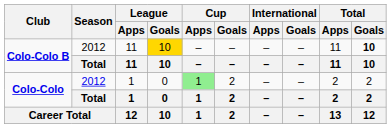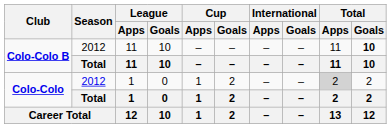 <table class="wikitable" style="font-size:90%; text-align: center;">
 <tr>
 <th rowspan="2">Club</th>
 <th rowspan="2">Season</th>
 <th colspan="2">League</th>
 <th colspan="2">Cup</th>
 <th colspan="2">International</th>
 <th colspan="2">Total</th>
 </tr>
 <tr>
 <th>Apps</th>
 <th>Goals</th>
 <th>Apps</th>
 <th>Goals</th>
 <th>Apps</th>
 <th>Goals</th>
 <th>Apps</th>
 <th>Goals</th>
 </tr>
 <tr>
 <td rowspan="2"><strong><a href='#'>Colo-Colo B</a></strong></td>
 <td>2012</td>
 <td>11</td>
-<td style="background: gold;">10</td>
+<td>10</td>
 <td>–</td>
 <td>–</td>
 <td>–</td>
 <td>–</td>
 <td>11</td>
 <td><strong>10</strong></td>
 </tr>
 <tr>
 <th>Total</th>
 <th>11</th>
 <th>10</th>
 <th>–</th>
 <th>–</th>
 <th>–</th>
 <th>–</th>
 <th>11</th>
 <th>10</th>
 </tr>
 <tr>
 <td rowspan="2"><strong><a href='#'>Colo-Colo</a></strong></td>
 <td><a href='#'>2012</a></td>
 <td>1</td>
 <td>0</td>
-<td style="background: lightgreen;">1</td>
+<td>1</td>
 <td>2</td>
 <td>–</td>
 <td>–</td>
-<td>2</td>
+<td style="background: lightgrey;">2</td>
 <td>2</td>
 </tr>
 <tr>
 <th>Total</th>
 <th>1</th>
 <th>0</th>
 <th>1</th>
 <th>2</th>
 <th>–</th>
 <th>–</th>
 <th>2</th>
 <th>2</th>
 </tr>
 <tr>
 <th colspan=2>Career Total</th>
 <th>12</th>
 <th>10</th>
 <th>1</th>
 <th>2</th>
 <th>–</th>
 <th>–</th>
 <th>13</th>
 <th>12</th>
 </tr>
 </table>
